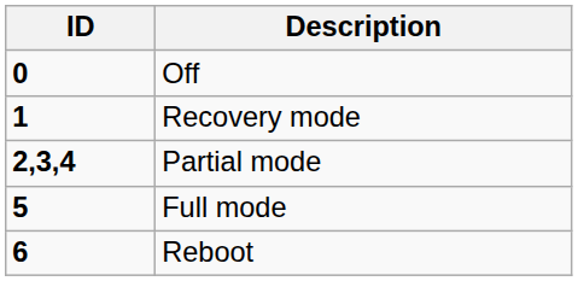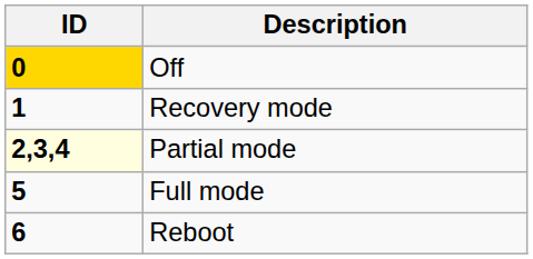 <table class="wikitable" style="width:20em">
 <tr>
 <th>ID</th>
 <th>Description</th>
 </tr>
 <tr>
-<td><strong>0</strong></td>
+<td style="background: gold;"><strong>0</strong></td>
 <td>Off</td>
 </tr>
 <tr>
 <td><strong>1</strong></td>
 <td>Recovery mode</td>
 </tr>
 <tr>
-<td><strong>2,3,4</strong></td>
+<td style="background: lightyellow;"><strong>2,3,4</strong></td>
 <td>Partial mode</td>
 </tr>
 <tr>
 <td><strong>5</strong></td>
 <td>Full mode</td>
 </tr>
 <tr>
 <td><strong>6</strong></td>
 <td>Reboot</td>
 </tr>
 </table>
